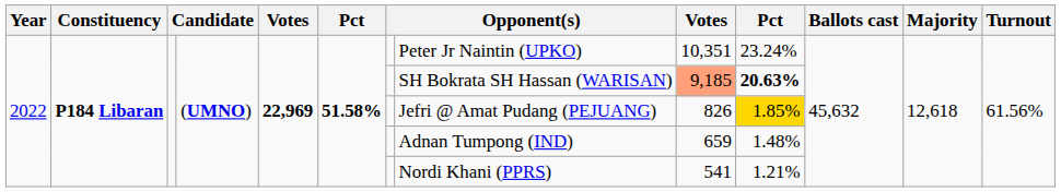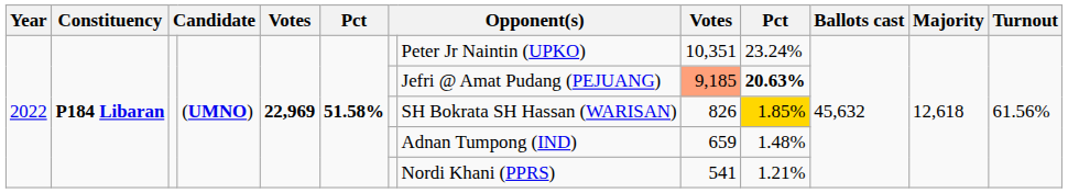 <table class="wikitable" style="margin:0.5em ; font-size:95%">
 <tr>
 <th>Year</th>
 <th>Constituency</th>
 <th colspan=2>Candidate</th>
 <th>Votes</th>
 <th>Pct</th>
 <th colspan=2>Opponent(s)</th>
 <th>Votes</th>
 <th>Pct</th>
 <th>Ballots cast</th>
 <th>Majority</th>
 <th>Turnout</th>
 </tr>
 <tr>
 <td rowspan="5"><a href='#'>2022</a></td>
 <td rowspan="5"><strong>P184 <a href='#'>Libaran</a></strong></td>
 <td rowspan="5" ></td>
 <td rowspan="5"> (<a href='#'><strong>UMNO</strong></a>)</td>
 <td rowspan="5" align="right"><strong>22,969</strong></td>
 <td rowspan="5"><strong>51.58%</strong></td>
 <td></td>
 <td>Peter Jr Naintin (<a href='#'>UPKO</a>)</td>
 <td align="right">10,351</td>
 <td>23.24%</td>
 <td rowspan=5>45,632</td>
 <td rowspan=5>12,618</td>
 <td rowspan=5>61.56%</td>
 </tr>
 <tr>
 <td></td>
-<td>SH Bokrata SH Hassan (<a href='#'>WARISAN</a>)</td>
+<td>Jefri @ Amat Pudang (<a href='#'>PEJUANG</a>)</td>
 <td align="right" style="background: lightsalmon;">9,185</td>
 <td><strong>20.63%</strong></td>
 </tr>
 <tr>
 <td bgcolor=></td>
-<td>Jefri @ Amat Pudang (<a href='#'>PEJUANG</a>)</td>
+<td>SH Bokrata SH Hassan (<a href='#'>WARISAN</a>)</td>
 <td align="right">826</td>
 <td align="right" style="background: gold;">1.85%</td>
 </tr>
 <tr>
 <td></td>
 <td>Adnan Tumpong (<a href='#'>IND</a>)</td>
 <td align="right">659</td>
 <td align="right">1.48%</td>
 </tr>
 <tr>
 <td bgcolor=></td>
 <td>Nordi Khani (<a href='#'>PPRS</a>)</td>
 <td align="right">541</td>
 <td align="right">1.21%</td>
 </tr>
 </table>
